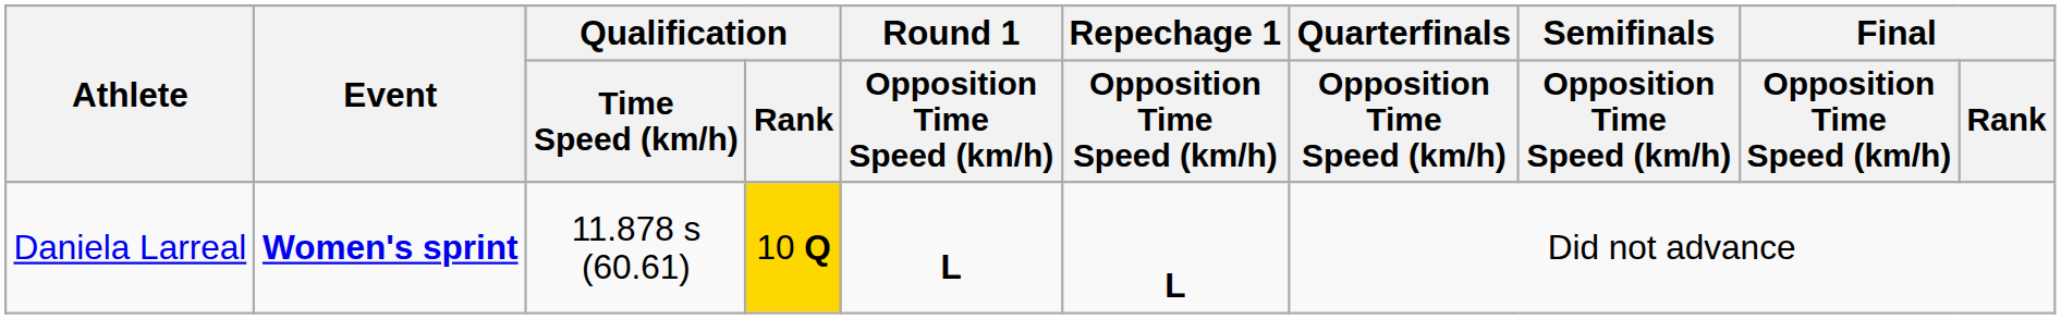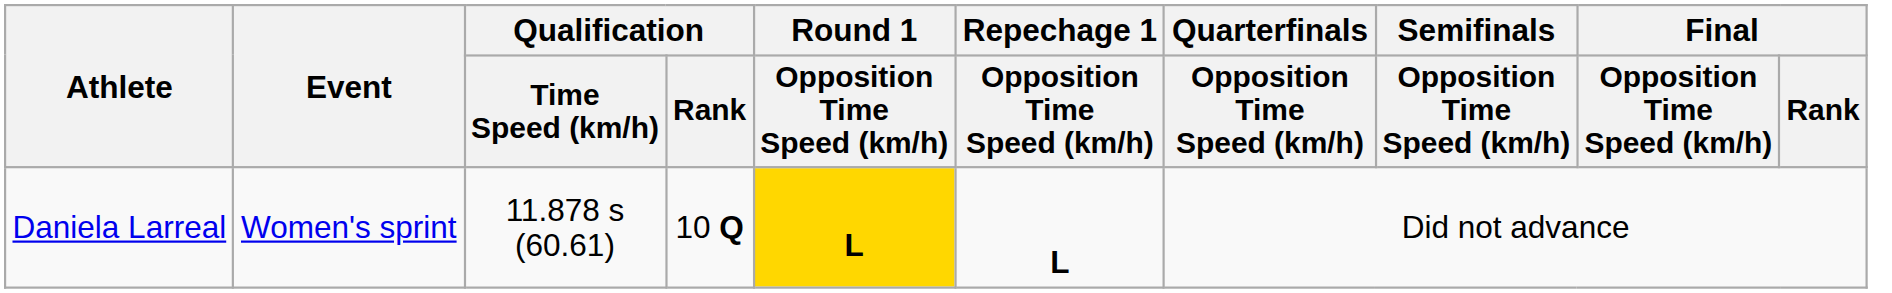 <table class="wikitable" style="font-size:90%">
 <tr>
 <th rowspan="2">Athlete</th>
 <th rowspan="2">Event</th>
 <th colspan=2>Qualification</th>
 <th>Round 1</th>
 <th>Repechage 1</th>
 <th>Quarterfinals</th>
 <th>Semifinals</th>
 <th colspan=2>Final</th>
 </tr>
 <tr style="font-size:95%">
 <th>Time<br>Speed (km/h)</th>
 <th>Rank</th>
 <th>Opposition<br>Time<br>Speed (km/h)</th>
 <th>Opposition<br>Time<br>Speed (km/h)</th>
 <th>Opposition<br>Time<br>Speed (km/h)</th>
 <th>Opposition<br>Time<br>Speed (km/h)</th>
 <th>Opposition<br>Time<br>Speed (km/h)</th>
 <th>Rank</th>
 </tr>
 <tr align=center>
 <td align=left><a href='#'>Daniela Larreal</a></td>
-<td align=left><strong><a href='#'>Women's sprint</a></strong></td>
+<td align=left><a href='#'>Women's sprint</a></td>
 <td>11.878 s<br>(60.61)</td>
-<td style="background: gold;">10 <strong>Q</strong></td>
-<td><br><strong>L</strong></td>
+<td>10 <strong>Q</strong></td>
+<td style="background: gold;"><br><strong>L</strong></td>
 <td><br><br><strong>L</strong></td>
 <td colspan=4>Did not advance</td>
 </tr>
 </table>
